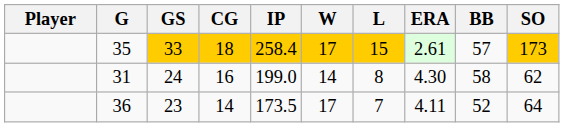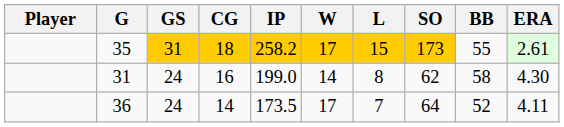 <table class="wikitable sortable">
 <tr>
 <th bgcolor="#DDDDFF" width="16%">Player</th>
 <th bgcolor="#DDDDFF" width="9%">G</th>
 <th bgcolor="#DDDDFF" width="9%">GS</th>
 <th bgcolor="#DDDDFF" width="9%">CG</th>
 <th bgcolor="#DDDDFF" width="9%">IP</th>
 <th bgcolor="#DDDDFF" width="9%">W</th>
 <th bgcolor="#DDDDFF" width="9%">L</th>
+<th bgcolor="#DDDDFF" width="9%">SO</th>
+<th bgcolor="#DDDDFF" width="9%">BB</th>
 <th bgcolor="#DDDDFF" width="9%">ERA</th>
-<th bgcolor="#DDDDFF" width="9%">BB</th>
-<th bgcolor="#DDDDFF" width="9%">SO</th>
 </tr>
 <tr align="center">
 <td></td>
 <td>35</td>
-<td style="background:#fc0;">33</td>
+<td style="background:#fc0;">31</td>
 <td style="background:#fc0;">18</td>
-<td style="background:#fc0;">258.4</td>
+<td style="background:#fc0;">258.2</td>
 <td style="background:#fc0;">17</td>
 <td style="background:#fc0;">15</td>
+<td style="background:#fc0;">173</td>
+<td>55</td>
 <td style="background:#DDFFDD;">2.61</td>
-<td>57</td>
-<td style="background:#fc0;">173</td>
 </tr>
 <tr align="center">
 <td></td>
 <td>31</td>
 <td>24</td>
 <td>16</td>
 <td>199.0</td>
 <td>14</td>
 <td>8</td>
+<td>62</td>
+<td>58</td>
 <td>4.30</td>
-<td>58</td>
-<td>62</td>
 </tr>
 <tr align="center">
 <td></td>
 <td>36</td>
-<td>23</td>
+<td>24</td>
 <td>14</td>
 <td>173.5</td>
 <td>17</td>
 <td>7</td>
+<td>64</td>
+<td>52</td>
 <td>4.11</td>
-<td>52</td>
-<td>64</td>
 </tr>
 </table>
